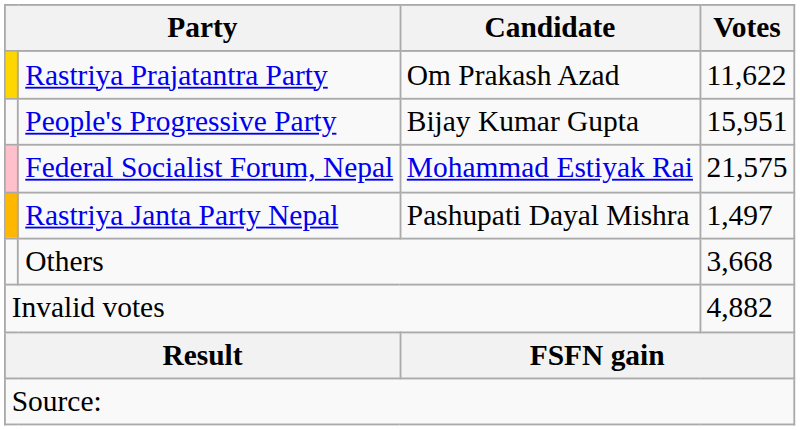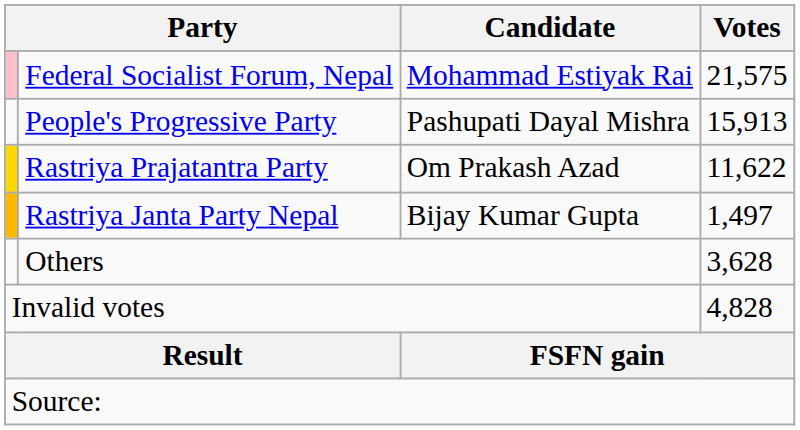 <table class="wikitable">
 <tr>
 <th colspan="2">Party</th>
 <th>Candidate</th>
 <th>Votes</th>
+</tr>
+<tr>
+<td style="background-color:pink"></td>
+<td><a href='#'>Federal Socialist Forum, Nepal</a></td>
+<td><a href='#'>Mohammad Estiyak Rai</a></td>
+<td>21,575</td>
+</tr>
+<tr>
+<td style="background-color:"></td>
+<td><a href='#'>People's Progressive Party</a></td>
+<td>Pashupati Dayal Mishra</td>
+<td>15,913</td>
 </tr>
 <tr>
 <td style="background-color:gold"></td>
 <td><a href='#'>Rastriya Prajatantra Party</a></td>
 <td>Om Prakash Azad</td>
 <td>11,622</td>
 </tr>
 <tr>
-<td style="background-color:"></td>
-<td><a href='#'>People's Progressive Party</a></td>
-<td>Bijay Kumar Gupta</td>
-<td>15,951</td>
-</tr>
-<tr>
-<td style="background-color:pink"></td>
-<td><a href='#'>Federal Socialist Forum, Nepal</a></td>
-<td><a href='#'>Mohammad Estiyak Rai</a></td>
-<td>21,575</td>
-</tr>
-<tr>
 <td style="background-color:#ffb700"></td>
 <td><a href='#'>Rastriya Janta Party Nepal</a></td>
-<td>Pashupati Dayal Mishra</td>
+<td>Bijay Kumar Gupta</td>
 <td>1,497</td>
 </tr>
 <tr>
 <td></td>
 <td colspan="2">Others</td>
-<td>3,668</td>
+<td>3,628</td>
 </tr>
 <tr>
 <td colspan="3">Invalid votes</td>
-<td>4,882</td>
+<td>4,828</td>
 </tr>
 <tr>
 <th colspan="2">Result</th>
 <th colspan="2">FSFN gain</th>
 </tr>
 <tr>
 <td colspan="4">Source: </td>
 </tr>
 </table>
